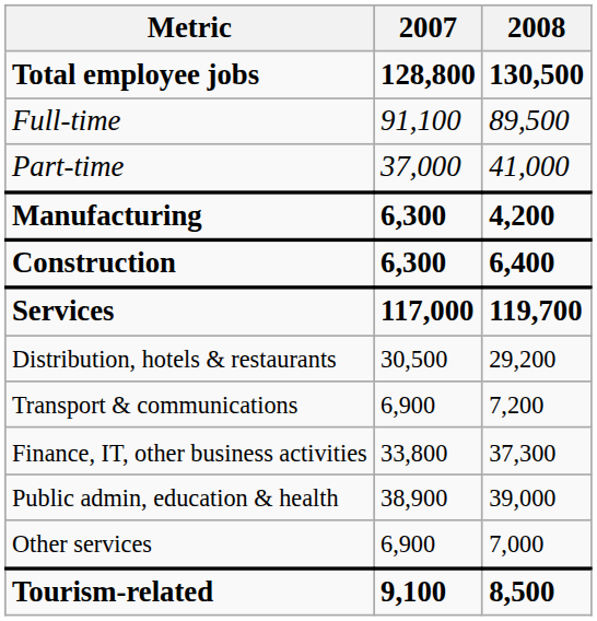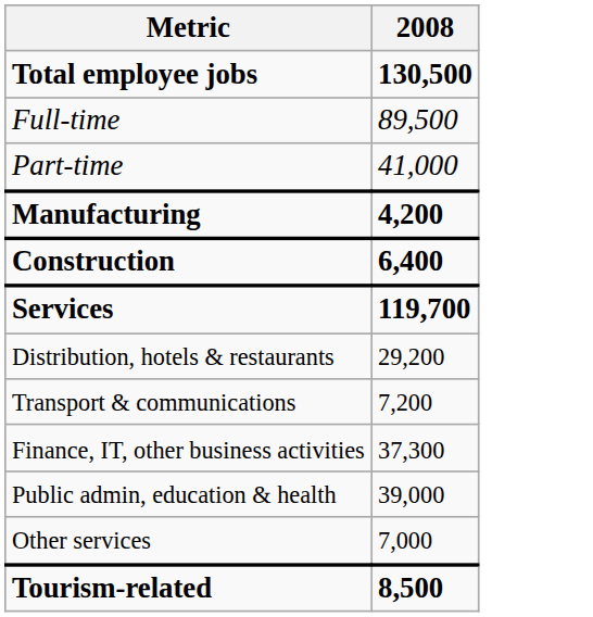 <table class="wikitable floatright col2right col3right">
 <tr>
 <th scope="col">Metric</th>
-<th scope="col">2007</th>
 <th scope="col">2008</th>
 </tr>
 <tr>
 <td><strong>Total employee jobs</strong></td>
-<td><strong>128,800</strong></td>
 <td><strong>130,500</strong></td>
 </tr>
 <tr>
 <td><em>Full-time</em></td>
-<td><em>91,100</em></td>
 <td><em>89,500</em></td>
 </tr>
 <tr>
 <td><em>Part-time</em></td>
-<td><em>37,000</em></td>
 <td><em>41,000</em></td>
 </tr>
 <tr style="border-top:2px solid black;">
 <td><strong>Manufacturing</strong></td>
-<td><strong>6,300</strong></td>
 <td><strong>4,200</strong></td>
 </tr>
 <tr style="border-top:2px solid black;">
 <td><strong>Construction</strong></td>
-<td><strong>6,300</strong></td>
 <td><strong>6,400</strong></td>
 </tr>
 <tr style="border-top:2px solid black;">
 <td><strong>Services</strong></td>
-<td><strong>117,000</strong></td>
 <td><strong>119,700</strong></td>
 </tr>
 <tr>
 <td style="left-padding: 20pt"><small>Distribution, hotels & restaurants</small></td>
-<td><small>30,500</small></td>
 <td><small>29,200</small></td>
 </tr>
 <tr>
 <td style="left-padding: 20pt"><small>Transport & communications</small></td>
-<td><small>6,900</small></td>
 <td><small>7,200</small></td>
 </tr>
 <tr>
 <td style="left-padding: 20pt"><small>Finance, IT, other business activities</small></td>
-<td><small>33,800</small></td>
 <td><small>37,300</small></td>
 </tr>
 <tr>
 <td style="left-padding: 20pt"><small>Public admin, education & health</small></td>
-<td><small>38,900</small></td>
 <td><small>39,000</small></td>
 </tr>
 <tr>
 <td style="left-padding: 20pt"><small>Other services</small></td>
-<td><small>6,900</small></td>
 <td><small>7,000</small></td>
 </tr>
 <tr style="border-top:2px solid black;">
 <td style="left-padding: 20pt"><strong>Tourism-related</strong></td>
-<td><strong>9,100</strong></td>
 <td><strong>8,500</strong></td>
 </tr>
 </table>
